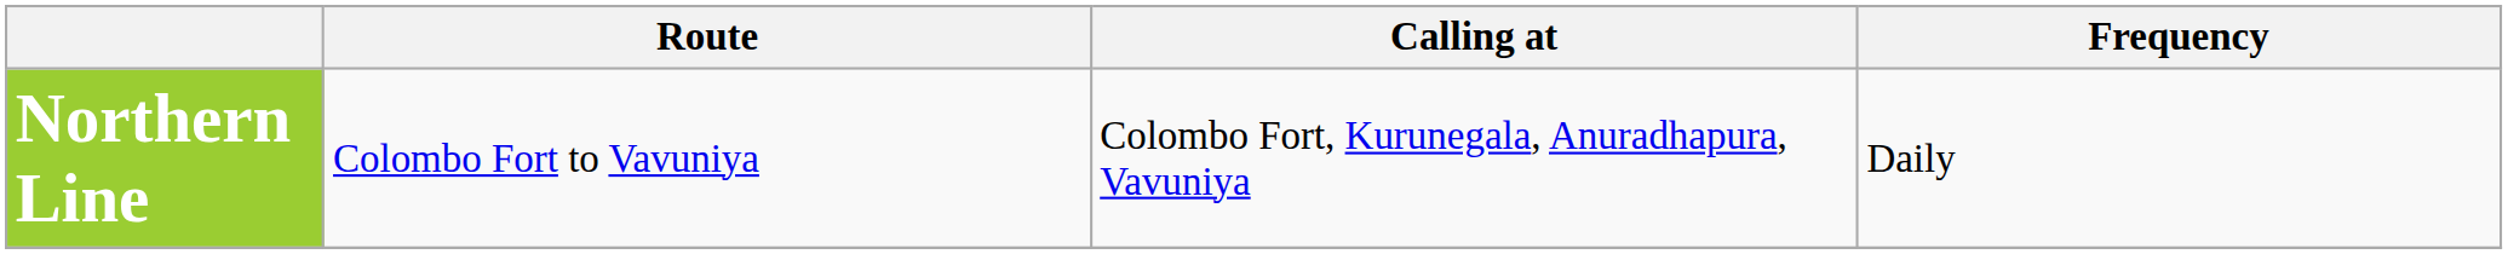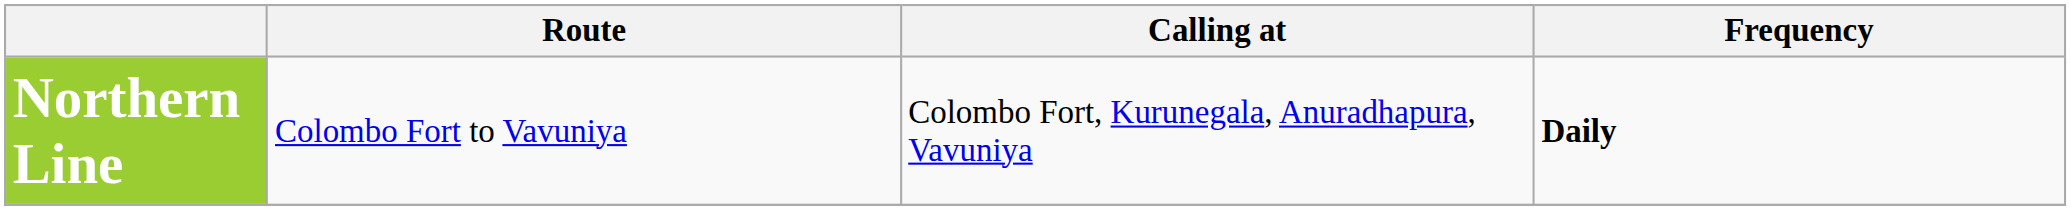 <table class="wikitable">
 <tr>
 <th colspan="1"></th>
 <th>Route</th>
 <th>Calling at</th>
 <th>Frequency</th>
 </tr>
 <tr>
 <td style="background:YellowGreen; color:White" width="120px"><big><big><big><strong>Northern Line</strong></big></big></big></td>
 <td width="300px"><a href='#'>Colombo Fort</a> to <a href='#'>Vavuniya</a></td>
 <td width="300px">Colombo Fort, <a href='#'>Kurunegala</a>, <a href='#'>Anuradhapura</a>, <a href='#'>Vavuniya</a></td>
-<td width="250px">Daily</td>
+<td width="250px"><strong>Daily</strong></td>
 </tr>
 <tr>
 </tr>
 </table>
